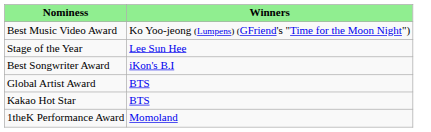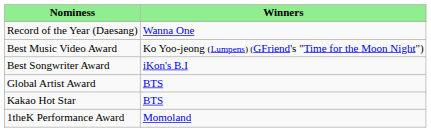 <table class="wikitable">
 <tr>
 <th style="background:#90EE90;">Nominess</th>
 <th style="background:#90EE90;">Winners</th>
 </tr>
 <tr>
+<td>Record of the Year (Daesang)</td>
+<td><a href='#'>Wanna One</a></td>
+</tr>
+<tr>
 <td>Best Music Video Award</td>
 <td>Ko Yoo-jeong <small>(<a href='#'>Lumpens</a>) (</small><a href='#'>GFriend</a>'s "<a href='#'>Time for the Moon Night</a>")</td>
-</tr>
-<tr>
-<td>Stage of the Year</td>
-<td><a href='#'>Lee Sun Hee</a></td>
 </tr>
 <tr>
 <td>Best Songwriter Award</td>
 <td><a href='#'>iKon's B.I</a></td>
 </tr>
 <tr>
 <td>Global Artist Award</td>
 <td><a href='#'>BTS</a></td>
 </tr>
 <tr>
 <td>Kakao Hot Star</td>
 <td><a href='#'>BTS</a></td>
 </tr>
 <tr>
 <td>1theK Performance Award</td>
 <td><a href='#'>Momoland</a></td>
 </tr>
 </table>
